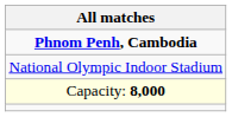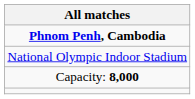 <table class="wikitable" style="text-align:center">
 <tr>
 <th>All matches</th>
 </tr>
 <tr>
 <td><strong><a href='#'>Phnom Penh</a>, Cambodia</strong></td>
 </tr>
 <tr>
 <td><a href='#'>National Olympic Indoor Stadium</a></td>
 </tr>
 <tr>
-<td style="background: lightyellow;">Capacity: <strong>8,000</strong></td>
+<td>Capacity: <strong>8,000</strong></td>
 </tr>
 <tr>
 <td></td>
 </tr>
 </table>
